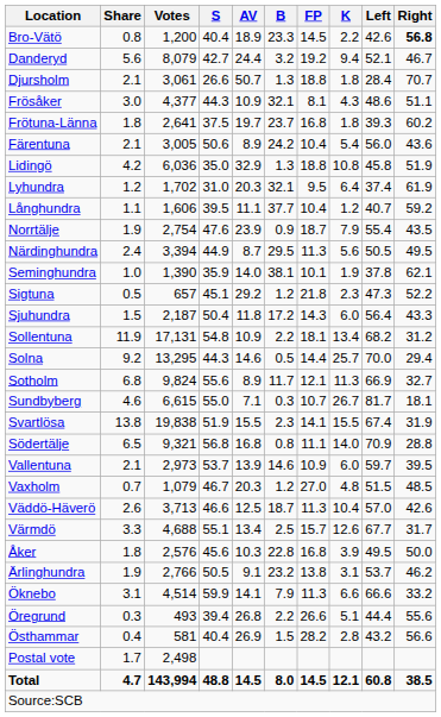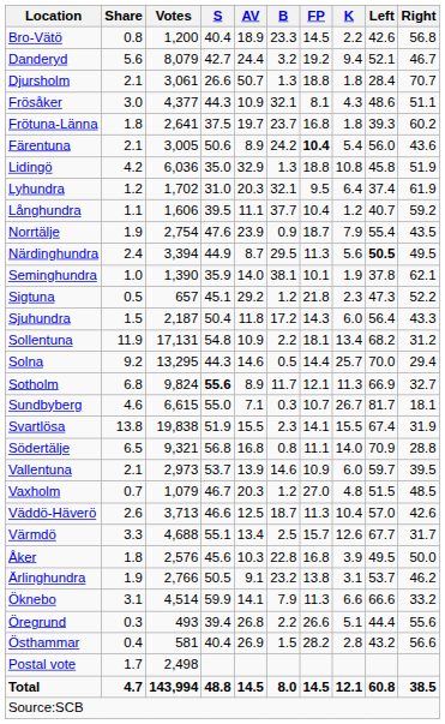 <table class="wikitable sortable" style=text-align:right>
 <tr>
 <th>Location</th>
 <th>Share</th>
 <th>Votes</th>
 <th><a href='#'>S</a></th>
 <th><a href='#'>AV</a></th>
 <th><a href='#'>B</a></th>
 <th><a href='#'>FP</a></th>
 <th><a href='#'>K</a></th>
 <th>Left</th>
 <th>Right</th>
 </tr>
 <tr>
 <td align=left><a href='#'>Bro-Vätö</a></td>
 <td>0.8</td>
 <td>1,200</td>
 <td>40.4</td>
 <td>18.9</td>
 <td>23.3</td>
 <td>14.5</td>
 <td>2.2</td>
 <td>42.6</td>
-<td><strong>56.8</strong></td>
+<td>56.8</td>
 </tr>
 <tr>
 <td align=left><a href='#'>Danderyd</a></td>
 <td>5.6</td>
 <td>8,079</td>
 <td>42.7</td>
 <td>24.4</td>
 <td>3.2</td>
 <td>19.2</td>
 <td>9.4</td>
 <td>52.1</td>
 <td>46.7</td>
 </tr>
 <tr>
 <td align=left><a href='#'>Djursholm</a></td>
 <td>2.1</td>
 <td>3,061</td>
 <td>26.6</td>
 <td>50.7</td>
 <td>1.3</td>
 <td>18.8</td>
 <td>1.8</td>
 <td>28.4</td>
 <td>70.7</td>
 </tr>
 <tr>
 <td align=left><a href='#'>Frösåker</a></td>
 <td>3.0</td>
 <td>4,377</td>
 <td>44.3</td>
 <td>10.9</td>
 <td>32.1</td>
 <td>8.1</td>
 <td>4.3</td>
 <td>48.6</td>
 <td>51.1</td>
 </tr>
 <tr>
 <td align=left><a href='#'>Frötuna-Länna</a></td>
 <td>1.8</td>
 <td>2,641</td>
 <td>37.5</td>
 <td>19.7</td>
 <td>23.7</td>
 <td>16.8</td>
 <td>1.8</td>
 <td>39.3</td>
 <td>60.2</td>
 </tr>
 <tr>
 <td align=left><a href='#'>Färentuna</a></td>
 <td>2.1</td>
 <td>3,005</td>
 <td>50.6</td>
 <td>8.9</td>
 <td>24.2</td>
-<td>10.4</td>
+<td><strong>10.4</strong></td>
 <td>5.4</td>
 <td>56.0</td>
 <td>43.6</td>
 </tr>
 <tr>
 <td align=left><a href='#'>Lidingö</a></td>
 <td>4.2</td>
 <td>6,036</td>
 <td>35.0</td>
 <td>32.9</td>
 <td>1.3</td>
 <td>18.8</td>
 <td>10.8</td>
 <td>45.8</td>
 <td>51.9</td>
 </tr>
 <tr>
 <td align=left><a href='#'>Lyhundra</a></td>
 <td>1.2</td>
 <td>1,702</td>
 <td>31.0</td>
 <td>20.3</td>
 <td>32.1</td>
 <td>9.5</td>
 <td>6.4</td>
 <td>37.4</td>
 <td>61.9</td>
 </tr>
 <tr>
 <td align=left><a href='#'>Långhundra</a></td>
 <td>1.1</td>
 <td>1,606</td>
 <td>39.5</td>
 <td>11.1</td>
 <td>37.7</td>
 <td>10.4</td>
 <td>1.2</td>
 <td>40.7</td>
 <td>59.2</td>
 </tr>
 <tr>
 <td align=left><a href='#'>Norrtälje</a></td>
 <td>1.9</td>
 <td>2,754</td>
 <td>47.6</td>
 <td>23.9</td>
 <td>0.9</td>
 <td>18.7</td>
 <td>7.9</td>
 <td>55.4</td>
 <td>43.5</td>
 </tr>
 <tr>
 <td align=left><a href='#'>Närdinghundra</a></td>
 <td>2.4</td>
 <td>3,394</td>
 <td>44.9</td>
 <td>8.7</td>
 <td>29.5</td>
 <td>11.3</td>
 <td>5.6</td>
-<td>50.5</td>
+<td><strong>50.5</strong></td>
 <td>49.5</td>
 </tr>
 <tr>
 <td align=left><a href='#'>Seminghundra</a></td>
 <td>1.0</td>
 <td>1,390</td>
 <td>35.9</td>
 <td>14.0</td>
 <td>38.1</td>
 <td>10.1</td>
 <td>1.9</td>
 <td>37.8</td>
 <td>62.1</td>
 </tr>
 <tr>
 <td align=left><a href='#'>Sigtuna</a></td>
 <td>0.5</td>
 <td>657</td>
 <td>45.1</td>
 <td>29.2</td>
 <td>1.2</td>
 <td>21.8</td>
 <td>2.3</td>
 <td>47.3</td>
 <td>52.2</td>
 </tr>
 <tr>
 <td align=left><a href='#'>Sjuhundra</a></td>
 <td>1.5</td>
 <td>2,187</td>
 <td>50.4</td>
 <td>11.8</td>
 <td>17.2</td>
 <td>14.3</td>
 <td>6.0</td>
 <td>56.4</td>
 <td>43.3</td>
 </tr>
 <tr>
 <td align=left><a href='#'>Sollentuna</a></td>
 <td>11.9</td>
 <td>17,131</td>
 <td>54.8</td>
 <td>10.9</td>
 <td>2.2</td>
 <td>18.1</td>
 <td>13.4</td>
 <td>68.2</td>
 <td>31.2</td>
 </tr>
 <tr>
 <td align=left><a href='#'>Solna</a></td>
 <td>9.2</td>
 <td>13,295</td>
 <td>44.3</td>
 <td>14.6</td>
 <td>0.5</td>
 <td>14.4</td>
 <td>25.7</td>
 <td>70.0</td>
 <td>29.4</td>
 </tr>
 <tr>
 <td align=left><a href='#'>Sotholm</a></td>
 <td>6.8</td>
 <td>9,824</td>
-<td>55.6</td>
+<td><strong>55.6</strong></td>
 <td>8.9</td>
 <td>11.7</td>
 <td>12.1</td>
 <td>11.3</td>
 <td>66.9</td>
 <td>32.7</td>
 </tr>
 <tr>
 <td align=left><a href='#'>Sundbyberg</a></td>
 <td>4.6</td>
 <td>6,615</td>
 <td>55.0</td>
 <td>7.1</td>
 <td>0.3</td>
 <td>10.7</td>
 <td>26.7</td>
 <td>81.7</td>
 <td>18.1</td>
 </tr>
 <tr>
 <td align=left><a href='#'>Svartlösa</a></td>
 <td>13.8</td>
 <td>19,838</td>
 <td>51.9</td>
 <td>15.5</td>
 <td>2.3</td>
 <td>14.1</td>
 <td>15.5</td>
 <td>67.4</td>
 <td>31.9</td>
 </tr>
 <tr>
 <td align=left><a href='#'>Södertälje</a></td>
 <td>6.5</td>
 <td>9,321</td>
 <td>56.8</td>
 <td>16.8</td>
 <td>0.8</td>
 <td>11.1</td>
 <td>14.0</td>
 <td>70.9</td>
 <td>28.8</td>
 </tr>
 <tr>
 <td align=left><a href='#'>Vallentuna</a></td>
 <td>2.1</td>
 <td>2,973</td>
 <td>53.7</td>
 <td>13.9</td>
 <td>14.6</td>
 <td>10.9</td>
 <td>6.0</td>
 <td>59.7</td>
 <td>39.5</td>
 </tr>
 <tr>
 <td align=left><a href='#'>Vaxholm</a></td>
 <td>0.7</td>
 <td>1,079</td>
 <td>46.7</td>
 <td>20.3</td>
 <td>1.2</td>
 <td>27.0</td>
 <td>4.8</td>
 <td>51.5</td>
 <td>48.5</td>
 </tr>
 <tr>
 <td align=left><a href='#'>Väddö-Häverö</a></td>
 <td>2.6</td>
 <td>3,713</td>
 <td>46.6</td>
 <td>12.5</td>
 <td>18.7</td>
 <td>11.3</td>
 <td>10.4</td>
 <td>57.0</td>
 <td>42.6</td>
 </tr>
 <tr>
 <td align=left><a href='#'>Värmdö</a></td>
 <td>3.3</td>
 <td>4,688</td>
 <td>55.1</td>
 <td>13.4</td>
 <td>2.5</td>
 <td>15.7</td>
 <td>12.6</td>
 <td>67.7</td>
 <td>31.7</td>
 </tr>
 <tr>
 <td align=left><a href='#'>Åker</a></td>
 <td>1.8</td>
 <td>2,576</td>
 <td>45.6</td>
 <td>10.3</td>
 <td>22.8</td>
 <td>16.8</td>
 <td>3.9</td>
 <td>49.5</td>
 <td>50.0</td>
 </tr>
 <tr>
 <td align=left><a href='#'>Ärlinghundra</a></td>
 <td>1.9</td>
 <td>2,766</td>
 <td>50.5</td>
 <td>9.1</td>
 <td>23.2</td>
 <td>13.8</td>
 <td>3.1</td>
 <td>53.7</td>
 <td>46.2</td>
 </tr>
 <tr>
 <td align=left><a href='#'>Öknebo</a></td>
 <td>3.1</td>
 <td>4,514</td>
 <td>59.9</td>
 <td>14.1</td>
 <td>7.9</td>
 <td>11.3</td>
 <td>6.6</td>
 <td>66.6</td>
 <td>33.2</td>
 </tr>
 <tr>
 <td align=left><a href='#'>Öregrund</a></td>
 <td>0.3</td>
 <td>493</td>
 <td>39.4</td>
 <td>26.8</td>
 <td>2.2</td>
 <td>26.6</td>
 <td>5.1</td>
 <td>44.4</td>
 <td>55.6</td>
 </tr>
 <tr>
 <td align=left><a href='#'>Östhammar</a></td>
 <td>0.4</td>
 <td>581</td>
 <td>40.4</td>
 <td>26.9</td>
 <td>1.5</td>
 <td>28.2</td>
 <td>2.8</td>
 <td>43.2</td>
 <td>56.6</td>
 </tr>
 <tr>
 <td align=left><a href='#'>Postal vote</a></td>
 <td>1.7</td>
 <td>2,498</td>
 <td></td>
 <td></td>
 <td></td>
 <td></td>
 <td></td>
 <td></td>
 <td></td>
 </tr>
 <tr>
 <td align=left><strong>Total</strong></td>
 <td><strong>4.7</strong></td>
 <td><strong>143,994</strong></td>
 <td><strong>48.8</strong></td>
 <td><strong>14.5</strong></td>
 <td><strong>8.0</strong></td>
 <td><strong>14.5</strong></td>
 <td><strong>12.1</strong></td>
 <td><strong>60.8</strong></td>
 <td><strong>38.5</strong></td>
 </tr>
 <tr>
 <td align=left colspan=10>Source:SCB </td>
 </tr>
 </table>
